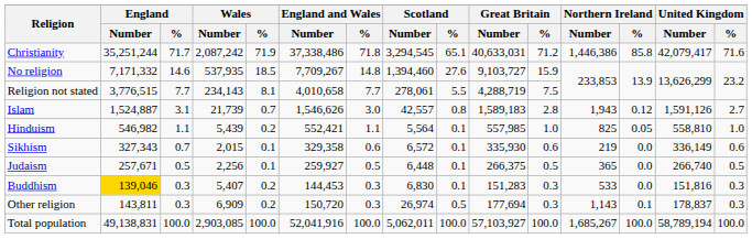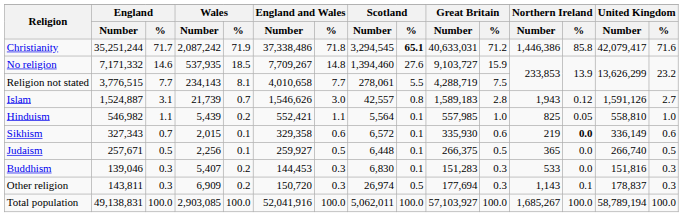 <table class="wikitable">
 <tr>
 </tr>
 <tr>
 <th rowspan="2">Religion</th>
 <th colspan="2">England</th>
 <th colspan="2">Wales</th>
 <th colspan="2">England and Wales</th>
 <th colspan="2">Scotland</th>
 <th colspan="2">Great Britain</th>
 <th colspan="2">Northern Ireland</th>
 <th colspan="2">United Kingdom</th>
 </tr>
 <tr>
 <th>Number</th>
 <th>%</th>
 <th>Number</th>
 <th>%</th>
 <th>Number</th>
 <th>%</th>
 <th>Number</th>
 <th>%</th>
 <th>Number</th>
 <th>%</th>
 <th>Number</th>
 <th>%</th>
 <th>Number</th>
 <th>%</th>
 </tr>
 <tr>
 <td><a href='#'>Christianity</a></td>
 <td align="right">35,251,244</td>
 <td align="right">71.7</td>
 <td align="right">2,087,242</td>
 <td align="right">71.9</td>
 <td align="right">37,338,486</td>
 <td align="right">71.8</td>
 <td align="right">3,294,545</td>
-<td align="right">65.1</td>
+<td align="right"><strong>65.1</strong></td>
 <td align="right">40,633,031</td>
 <td align="right">71.2</td>
 <td align="right">1,446,386</td>
 <td align="right">85.8</td>
 <td align="right">42,079,417</td>
 <td align="right">71.6</td>
 </tr>
 <tr>
 <td><a href='#'>No religion</a></td>
 <td align="right">7,171,332</td>
 <td align="right">14.6</td>
 <td align="right">537,935</td>
 <td align="right">18.5</td>
 <td align="right">7,709,267</td>
 <td align="right">14.8</td>
 <td align="right">1,394,460</td>
 <td align="right">27.6</td>
 <td align="right">9,103,727</td>
 <td align="right">15.9</td>
 <td rowspan="2" align="right">233,853</td>
 <td rowspan="2" align="right">13.9</td>
 <td rowspan="2" align="right">13,626,299</td>
 <td rowspan="2" align="right">23.2</td>
 </tr>
 <tr>
 <td>Religion not stated</td>
 <td align="right">3,776,515</td>
 <td align="right">7.7</td>
 <td align="right">234,143</td>
 <td align="right">8.1</td>
 <td align="right">4,010,658</td>
 <td align="right">7.7</td>
 <td align="right">278,061</td>
 <td align="right">5.5</td>
 <td align="right">4,288,719</td>
 <td align="right">7.5</td>
 </tr>
 <tr>
 <td><a href='#'>Islam</a></td>
 <td align="right">1,524,887</td>
 <td align="right">3.1</td>
 <td align="right">21,739</td>
 <td align="right">0.7</td>
 <td align="right">1,546,626</td>
 <td align="right">3.0</td>
 <td align="right">42,557</td>
 <td align="right">0.8</td>
 <td align="right">1,589,183</td>
 <td align="right">2.8</td>
 <td align="right">1,943</td>
 <td align="right">0.12</td>
 <td align="right">1,591,126</td>
 <td align="right">2.7</td>
 </tr>
 <tr>
 <td><a href='#'>Hinduism</a></td>
 <td align="right">546,982</td>
 <td align="right">1.1</td>
 <td align="right">5,439</td>
 <td align="right">0.2</td>
 <td align="right">552,421</td>
 <td align="right">1.1</td>
 <td align="right">5,564</td>
 <td align="right">0.1</td>
 <td align="right">557,985</td>
 <td align="right">1.0</td>
 <td align="right">825</td>
 <td align="right">0.05</td>
 <td align="right">558,810</td>
 <td align="right">1.0</td>
 </tr>
 <tr>
 <td><a href='#'>Sikhism</a></td>
 <td align="right">327,343</td>
 <td align="right">0.7</td>
 <td align="right">2,015</td>
 <td align="right">0.1</td>
 <td align="right">329,358</td>
 <td align="right">0.6</td>
 <td align="right">6,572</td>
 <td align="right">0.1</td>
 <td align="right">335,930</td>
 <td align="right">0.6</td>
 <td align="right">219</td>
-<td align="right">0.0</td>
+<td align="right"><strong>0.0</strong></td>
 <td align="right">336,149</td>
 <td align="right">0.6</td>
 </tr>
 <tr>
 <td><a href='#'>Judaism</a></td>
 <td align="right">257,671</td>
 <td align="right">0.5</td>
 <td align="right">2,256</td>
 <td align="right">0.1</td>
 <td align="right">259,927</td>
 <td align="right">0.5</td>
 <td align="right">6,448</td>
 <td align="right">0.1</td>
 <td align="right">266,375</td>
 <td align="right">0.5</td>
 <td align="right">365</td>
 <td align="right">0.0</td>
 <td align="right">266,740</td>
 <td align="right">0.5</td>
 </tr>
 <tr>
 <td><a href='#'>Buddhism</a></td>
-<td align="right" style="background: gold;">139,046</td>
+<td align="right">139,046</td>
 <td align="right">0.3</td>
 <td align="right">5,407</td>
 <td align="right">0.2</td>
 <td align="right">144,453</td>
 <td align="right">0.3</td>
 <td align="right">6,830</td>
 <td align="right">0.1</td>
 <td align="right">151,283</td>
 <td align="right">0.3</td>
 <td align="right">533</td>
 <td align="right">0.0</td>
 <td align="right">151,816</td>
 <td align="right">0.3</td>
 </tr>
 <tr>
 <td>Other religion</td>
 <td align="right">143,811</td>
 <td align="right">0.3</td>
 <td align="right">6,909</td>
 <td align="right">0.2</td>
 <td align="right">150,720</td>
 <td align="right">0.3</td>
 <td align="right">26,974</td>
 <td align="right">0.5</td>
 <td align="right">177,694</td>
 <td align="right">0.3</td>
 <td align="right">1,143</td>
 <td align="right">0.1</td>
 <td align="right">178,837</td>
 <td align="right">0.3</td>
 </tr>
 <tr>
 <td>Total population</td>
 <td align="right">49,138,831</td>
 <td align="right">100.0</td>
 <td align="right">2,903,085</td>
 <td align="right">100.0</td>
 <td align="right">52,041,916</td>
 <td align="right">100.0</td>
 <td align="right">5,062,011</td>
 <td align="right">100.0</td>
 <td align="right">57,103,927</td>
 <td align="right">100.0</td>
 <td align="right">1,685,267</td>
 <td align="right">100.0</td>
 <td align="right">58,789,194</td>
 <td align="right">100.0</td>
 </tr>
 </table>
